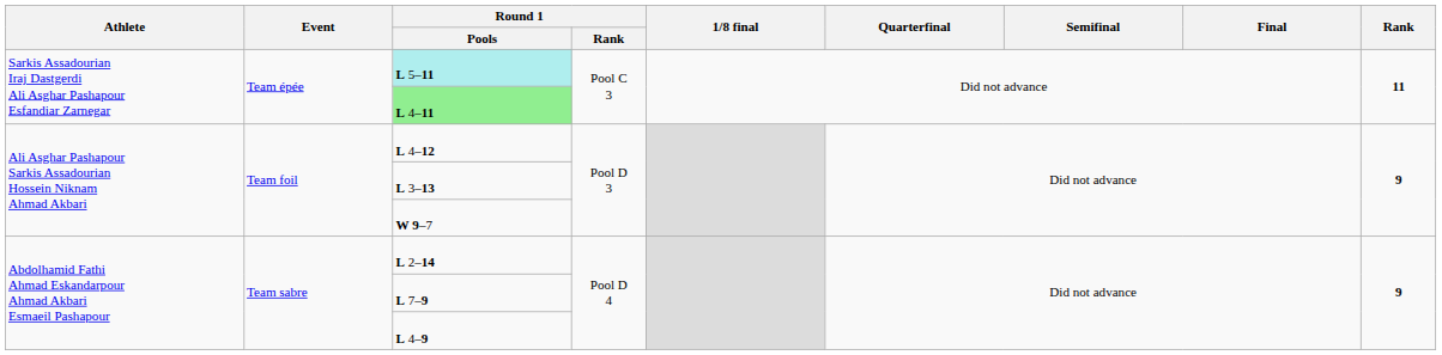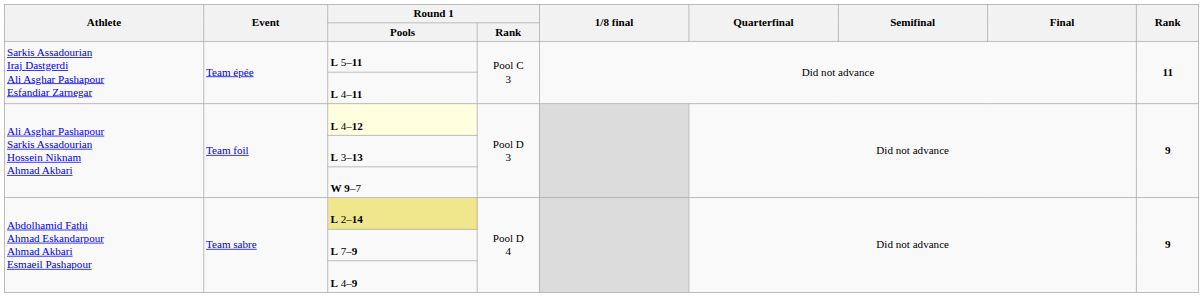 <table class="wikitable" width="98%" style="text-align:left; font-size:90%">
 <tr>
 <th rowspan="2" width="16%">Athlete</th>
 <th rowspan="2" width="10%">Event</th>
 <th colspan="2">Round 1</th>
 <th rowspan="2" width="12%">1/8 final</th>
 <th rowspan="2" width="12%">Quarterfinal</th>
 <th rowspan="2" width="12%">Semifinal</th>
 <th rowspan="2" width="12%">Final</th>
 <th rowspan="2" width="5%">Rank</th>
 </tr>
 <tr>
 <th width="12%">Pools</th>
 <th width="5%">Rank</th>
 </tr>
 <tr>
 <td rowspan="2"><a href='#'>Sarkis Assadourian</a><br><a href='#'>Iraj Dastgerdi</a><br><a href='#'>Ali Asghar Pashapour</a><br><a href='#'>Esfandiar Zarnegar</a></td>
 <td rowspan="2"><a href='#'>Team épée</a></td>
-<td style="background: paleturquoise;"><br><strong>L</strong> 5–<strong>11</strong></td>
+<td><br><strong>L</strong> 5–<strong>11</strong></td>
 <td rowspan="2" align=center>Pool C<br>3</td>
 <td rowspan="2" colspan=4 align=center>Did not advance</td>
 <td rowspan="2" align="center"><strong>11</strong></td>
 </tr>
 <tr>
-<td style="background: lightgreen;"><br><strong>L</strong> 4–<strong>11</strong></td>
+<td><br><strong>L</strong> 4–<strong>11</strong></td>
 </tr>
 <tr>
 <td rowspan="3"><a href='#'>Ali Asghar Pashapour</a><br><a href='#'>Sarkis Assadourian</a><br><a href='#'>Hossein Niknam</a><br><a href='#'>Ahmad Akbari</a></td>
 <td rowspan="3"><a href='#'>Team foil</a></td>
-<td><br><strong>L</strong> 4–<strong>12</strong></td>
+<td style="background: lightyellow;"><br><strong>L</strong> 4–<strong>12</strong></td>
 <td rowspan="3" align=center>Pool D<br>3</td>
 <td rowspan="3" bgcolor=#DCDCDC></td>
 <td rowspan="3" colspan=3 align=center>Did not advance</td>
 <td rowspan="3" align="center"><strong>9</strong></td>
 </tr>
 <tr>
 <td><br><strong>L</strong> 3–<strong>13</strong></td>
 </tr>
 <tr>
 <td><br><strong>W</strong> <strong>9</strong>–7</td>
 </tr>
 <tr>
 <td rowspan="3"><a href='#'>Abdolhamid Fathi</a><br><a href='#'>Ahmad Eskandarpour</a><br><a href='#'>Ahmad Akbari</a><br><a href='#'>Esmaeil Pashapour</a></td>
 <td rowspan="3"><a href='#'>Team sabre</a></td>
-<td><br><strong>L</strong> 2–<strong>14</strong></td>
+<td style="background: khaki;"><br><strong>L</strong> 2–<strong>14</strong></td>
 <td rowspan="3" align=center>Pool D<br>4</td>
 <td rowspan="3" bgcolor=#DCDCDC></td>
 <td rowspan="3" colspan=3 align=center>Did not advance</td>
 <td rowspan="3" align="center"><strong>9</strong></td>
 </tr>
 <tr>
 <td><br><strong>L</strong> 7–<strong>9</strong></td>
 </tr>
 <tr>
 <td><br><strong>L</strong> 4–<strong>9</strong></td>
 </tr>
 </table>
